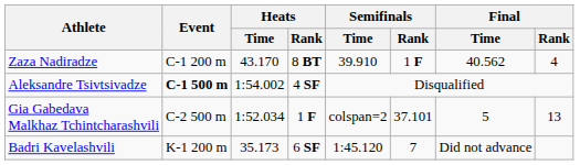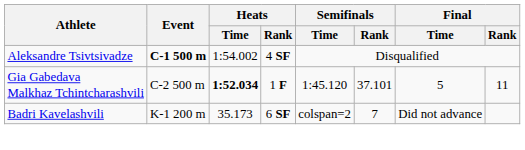 <table class=wikitable style="font-size:90%">
 <tr>
 <th rowspan="2">Athlete</th>
 <th rowspan="2">Event</th>
 <th colspan=2>Heats</th>
 <th colspan=2>Semifinals</th>
 <th colspan=2>Final</th>
 </tr>
 <tr style="font-size:95%">
 <th>Time</th>
 <th>Rank</th>
 <th>Time</th>
 <th>Rank</th>
 <th>Time</th>
 <th>Rank</th>
 </tr>
 <tr align=center>
-<td align=left><a href='#'>Zaza Nadiradze</a></td>
-<td align=left>C-1 200 m</td>
-<td>43.170</td>
-<td>8 <strong>BT</strong></td>
-<td>39.910</td>
-<td>1 <strong>F</strong></td>
-<td>40.562</td>
-<td>4</td>
-</tr>
-<tr align=center>
 <td align=left><a href='#'>Aleksandre Tsivtsivadze</a></td>
 <td align=left><strong>C-1 500 m</strong></td>
 <td>1:54.002</td>
 <td>4 <strong>SF</strong></td>
 <td colspan=4>Disqualified</td>
 </tr>
 <tr align=center>
 <td align=left><a href='#'>Gia Gabedava</a><br><a href='#'>Malkhaz Tchintcharashvili</a></td>
 <td align=left>C-2 500 m</td>
-<td>1:52.034</td>
+<td><strong>1:52.034</strong></td>
 <td>1 <strong>F</strong></td>
-<td>colspan=2</td>
+<td>1:45.120</td>
 <td>37.101</td>
 <td>5</td>
-<td>13</td>
+<td>11</td>
 </tr>
 <tr align=center>
 <td align=left><a href='#'>Badri Kavelashvili</a></td>
 <td align=left>K-1 200 m</td>
 <td>35.173</td>
 <td>6 <strong>SF</strong></td>
-<td>1:45.120</td>
+<td>colspan=2</td>
 <td>7</td>
 <td>Did not advance</td>
 </tr>
 </table>
